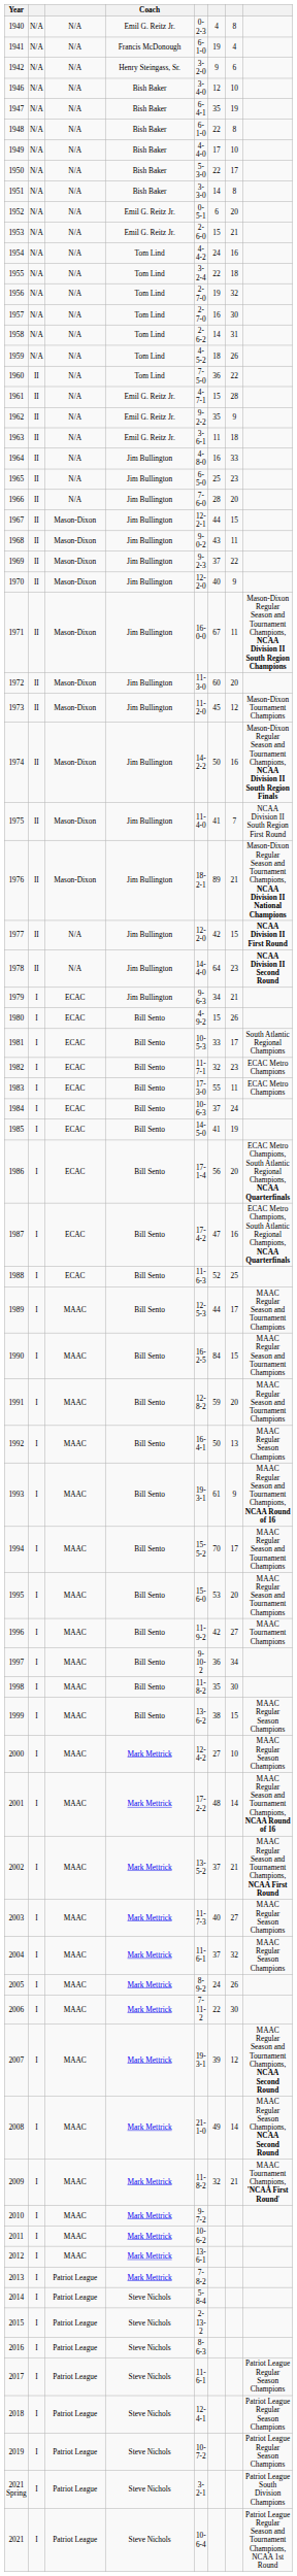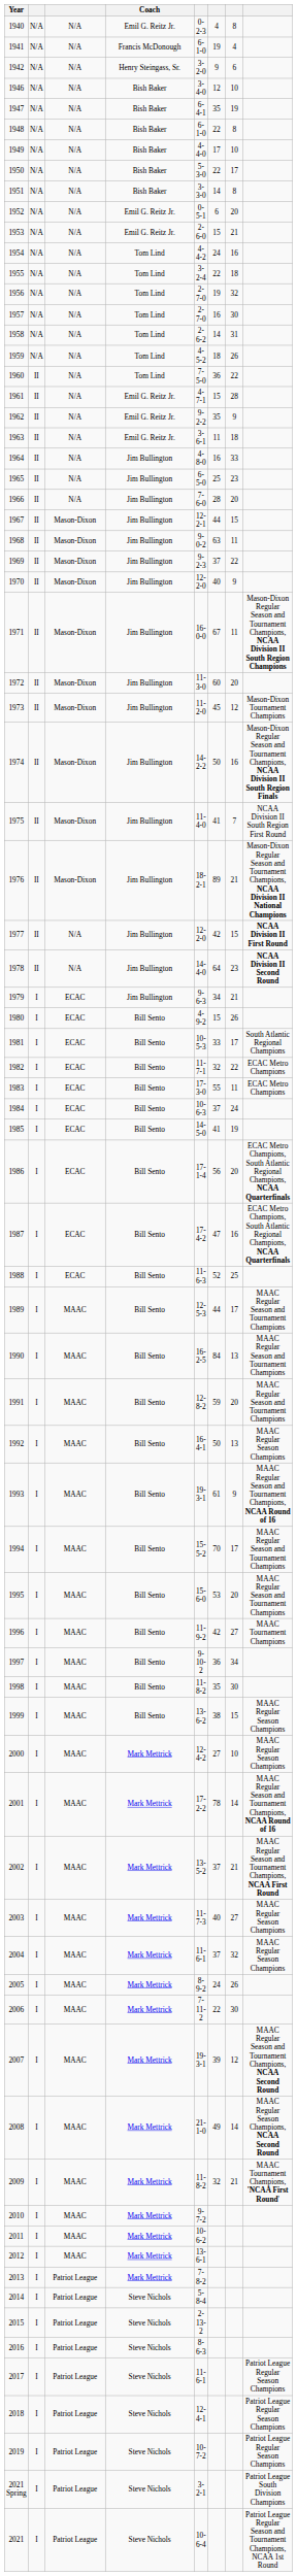 <table class="wikitable" style="text-align:center; font-size:%">
 <tr>
 <th width=px>Year</th>
 <th width=px></th>
 <th width=120px></th>
 <th width=180px>Coach</th>
 <th width=px></th>
 <th width=30px></th>
 <th width=30px></th>
 <th width=px></th>
 </tr>
 <tr>
 <td>1940</td>
 <td>N/A</td>
 <td>N/A</td>
 <td>Emil G. Reitz Jr.</td>
 <td>0-2-3</td>
 <td>4</td>
 <td>8</td>
 <td></td>
 </tr>
 <tr>
 <td>1941</td>
 <td>N/A</td>
 <td>N/A</td>
 <td>Francis McDonough</td>
 <td>6-1-0</td>
 <td>19</td>
 <td>4</td>
 <td></td>
 </tr>
 <tr>
 <td>1942</td>
 <td>N/A</td>
 <td>N/A</td>
 <td>Henry Steingass, Sr.</td>
 <td>3-2-0</td>
 <td>9</td>
 <td>6</td>
 <td></td>
 </tr>
 <tr>
 <td>1946</td>
 <td>N/A</td>
 <td>N/A</td>
 <td>Bish Baker</td>
 <td>3-4-0</td>
 <td>12</td>
 <td>10</td>
 <td></td>
 </tr>
 <tr>
 <td>1947</td>
 <td>N/A</td>
 <td>N/A</td>
 <td>Bish Baker</td>
 <td>6-4-1</td>
 <td>35</td>
 <td>19</td>
 <td></td>
 </tr>
 <tr>
 <td>1948</td>
 <td>N/A</td>
 <td>N/A</td>
 <td>Bish Baker</td>
 <td>6-1-0</td>
 <td>22</td>
 <td>8</td>
 <td></td>
 </tr>
 <tr>
 <td>1949</td>
 <td>N/A</td>
 <td>N/A</td>
 <td>Bish Baker</td>
 <td>4-4-0</td>
 <td>17</td>
 <td>10</td>
 <td></td>
 </tr>
 <tr>
 <td>1950</td>
 <td>N/A</td>
 <td>N/A</td>
 <td>Bish Baker</td>
 <td>5-3-0</td>
 <td>22</td>
 <td>17</td>
 <td></td>
 </tr>
 <tr>
 <td>1951</td>
 <td>N/A</td>
 <td>N/A</td>
 <td>Bish Baker</td>
 <td>3-3-0</td>
 <td>14</td>
 <td>8</td>
 <td></td>
 </tr>
 <tr>
 <td>1952</td>
 <td>N/A</td>
 <td>N/A</td>
 <td>Emil G. Reitz Jr.</td>
 <td>0-5-1</td>
 <td>6</td>
 <td>20</td>
 <td></td>
 </tr>
 <tr>
 <td>1953</td>
 <td>N/A</td>
 <td>N/A</td>
 <td>Emil G. Reitz Jr.</td>
 <td>2-6-0</td>
 <td>15</td>
 <td>21</td>
 <td></td>
 </tr>
 <tr>
 <td>1954</td>
 <td>N/A</td>
 <td>N/A</td>
 <td>Tom Lind</td>
 <td>4-4-2</td>
 <td>24</td>
 <td>16</td>
 <td></td>
 </tr>
 <tr>
 <td>1955</td>
 <td>N/A</td>
 <td>N/A</td>
 <td>Tom Lind</td>
 <td>3-2-4</td>
 <td>22</td>
 <td>18</td>
 <td></td>
 </tr>
 <tr>
 <td>1956</td>
 <td>N/A</td>
 <td>N/A</td>
 <td>Tom Lind</td>
 <td>2-7-0</td>
 <td>19</td>
 <td>32</td>
 <td></td>
 </tr>
 <tr>
 <td>1957</td>
 <td>N/A</td>
 <td>N/A</td>
 <td>Tom Lind</td>
 <td>2-7-0</td>
 <td>16</td>
 <td>30</td>
 <td></td>
 </tr>
 <tr>
 <td>1958</td>
 <td>N/A</td>
 <td>N/A</td>
 <td>Tom Lind</td>
 <td>2-6-2</td>
 <td>14</td>
 <td>31</td>
 <td></td>
 </tr>
 <tr>
 <td>1959</td>
 <td>N/A</td>
 <td>N/A</td>
 <td>Tom Lind</td>
 <td>4-5-2</td>
 <td>18</td>
 <td>26</td>
 <td></td>
 </tr>
 <tr>
 <td>1960</td>
 <td>II</td>
 <td>N/A</td>
 <td>Tom Lind</td>
 <td>7-5-0</td>
 <td>36</td>
 <td>22</td>
 <td></td>
 </tr>
 <tr>
 <td>1961</td>
 <td>II</td>
 <td>N/A</td>
 <td>Emil G. Reitz Jr.</td>
 <td>4-7-1</td>
 <td>15</td>
 <td>28</td>
 <td></td>
 </tr>
 <tr>
 <td>1962</td>
 <td>II</td>
 <td>N/A</td>
 <td>Emil G. Reitz Jr.</td>
 <td>9-2-2</td>
 <td>35</td>
 <td>9</td>
 <td></td>
 </tr>
 <tr>
 <td>1963</td>
 <td>II</td>
 <td>N/A</td>
 <td>Emil G. Reitz Jr.</td>
 <td>3-6-1</td>
 <td>11</td>
 <td>18</td>
 <td></td>
 </tr>
 <tr>
 <td>1964</td>
 <td>II</td>
 <td>N/A</td>
 <td>Jim Bullington</td>
 <td>4-8-0</td>
 <td>16</td>
 <td>33</td>
 <td></td>
 </tr>
 <tr>
 <td>1965</td>
 <td>II</td>
 <td>N/A</td>
 <td>Jim Bullington</td>
 <td>6-5-0</td>
 <td>25</td>
 <td>23</td>
 <td></td>
 </tr>
 <tr>
 <td>1966</td>
 <td>II</td>
 <td>N/A</td>
 <td>Jim Bullington</td>
 <td>7-6-0</td>
 <td>28</td>
 <td>20</td>
 <td></td>
 </tr>
 <tr>
 <td>1967</td>
 <td>II</td>
 <td>Mason-Dixon</td>
 <td>Jim Bullington</td>
 <td>12-2-1</td>
 <td>44</td>
 <td>15</td>
 <td></td>
 </tr>
 <tr>
 <td>1968</td>
 <td>II</td>
 <td>Mason-Dixon</td>
 <td>Jim Bullington</td>
 <td>9-0-2</td>
-<td>43</td>
+<td>63</td>
 <td>11</td>
 <td></td>
 </tr>
 <tr>
 <td>1969</td>
 <td>II</td>
 <td>Mason-Dixon</td>
 <td>Jim Bullington</td>
 <td>9-2-3</td>
 <td>37</td>
 <td>22</td>
 <td></td>
 </tr>
 <tr>
 <td>1970</td>
 <td>II</td>
 <td>Mason-Dixon</td>
 <td>Jim Bullington</td>
 <td>12-2-0</td>
 <td>40</td>
 <td>9</td>
 <td></td>
 </tr>
 <tr>
 <td>1971</td>
 <td>II</td>
 <td>Mason-Dixon</td>
 <td>Jim Bullington</td>
 <td>16-0-0</td>
 <td>67</td>
 <td>11</td>
 <td>Mason-Dixon Regular Season and Tournament Champions, <strong>NCAA Division II South Region Champions</strong></td>
 </tr>
 <tr>
 <td>1972</td>
 <td>II</td>
 <td>Mason-Dixon</td>
 <td>Jim Bullington</td>
 <td>11-3-0</td>
 <td>60</td>
 <td>20</td>
 <td></td>
 </tr>
 <tr>
 <td>1973</td>
 <td>II</td>
 <td>Mason-Dixon</td>
 <td>Jim Bullington</td>
 <td>11-2-0</td>
 <td>45</td>
 <td>12</td>
 <td>Mason-Dixon Tournament Champions</td>
 </tr>
 <tr>
 <td>1974</td>
 <td>II</td>
 <td>Mason-Dixon</td>
 <td>Jim Bullington</td>
 <td>14-2-2</td>
 <td>50</td>
 <td>16</td>
 <td>Mason-Dixon Regular Season and Tournament Champions, <strong>NCAA Division II South Region Finals</strong></td>
 </tr>
 <tr>
 <td>1975</td>
 <td>II</td>
 <td>Mason-Dixon</td>
 <td>Jim Bullington</td>
 <td>11-4-0</td>
 <td>41</td>
 <td>7</td>
 <td>NCAA Division II South Region First Round</td>
 </tr>
 <tr>
 <td>1976</td>
 <td>II</td>
 <td>Mason-Dixon</td>
 <td>Jim Bullington</td>
 <td>18-2-1</td>
 <td>89</td>
 <td>21</td>
 <td>Mason-Dixon Regular Season and Tournament Champions, <strong>NCAA Division II National Champions</strong></td>
 </tr>
 <tr>
 <td>1977</td>
 <td>II</td>
 <td>N/A</td>
 <td>Jim Bullington</td>
 <td>12-2-0</td>
 <td>42</td>
 <td>15</td>
 <td><strong>NCAA Division II First Round</strong></td>
 </tr>
 <tr>
 <td>1978</td>
 <td>II</td>
 <td>N/A</td>
 <td>Jim Bullington</td>
 <td>14-4-0</td>
 <td>64</td>
 <td>23</td>
 <td><strong>NCAA Division II Second Round</strong></td>
 </tr>
 <tr>
 <td>1979</td>
 <td>I</td>
 <td>ECAC</td>
 <td>Jim Bullington</td>
 <td>9-6-3</td>
 <td>34</td>
 <td>21</td>
 <td></td>
 </tr>
 <tr>
 <td>1980</td>
 <td>I</td>
 <td>ECAC</td>
 <td>Bill Sento</td>
 <td>4-9-2</td>
 <td>15</td>
 <td>26</td>
 <td></td>
 </tr>
 <tr>
 <td>1981</td>
 <td>I</td>
 <td>ECAC</td>
 <td>Bill Sento</td>
 <td>10-5-3</td>
 <td>33</td>
 <td>17</td>
 <td>South Atlantic Regional Champions</td>
 </tr>
 <tr>
 <td>1982</td>
 <td>I</td>
 <td>ECAC</td>
 <td>Bill Sento</td>
 <td>11-7-1</td>
 <td>32</td>
-<td>23</td>
+<td>22</td>
 <td>ECAC Metro Champions</td>
 </tr>
 <tr>
 <td>1983</td>
 <td>I</td>
 <td>ECAC</td>
 <td>Bill Sento</td>
 <td>17-3-0</td>
 <td>55</td>
 <td>11</td>
 <td>ECAC Metro Champions</td>
 </tr>
 <tr>
 <td>1984</td>
 <td>I</td>
 <td>ECAC</td>
 <td>Bill Sento</td>
 <td>10-6-3</td>
 <td>37</td>
 <td>24</td>
 <td></td>
 </tr>
 <tr>
 <td>1985</td>
 <td>I</td>
 <td>ECAC</td>
 <td>Bill Sento</td>
 <td>14-5-0</td>
 <td>41</td>
 <td>19</td>
 <td></td>
 </tr>
 <tr>
 <td>1986</td>
 <td>I</td>
 <td>ECAC</td>
 <td>Bill Sento</td>
 <td>17-1-4</td>
 <td>56</td>
 <td>20</td>
 <td>ECAC Metro Champions, South Atlantic Regional Champions, <strong>NCAA Quarterfinals</strong></td>
 </tr>
 <tr>
 <td>1987</td>
 <td>I</td>
 <td>ECAC</td>
 <td>Bill Sento</td>
 <td>17-4-2</td>
 <td>47</td>
 <td>16</td>
 <td>ECAC Metro Champions, South Atlantic Regional Champions, <strong>NCAA Quarterfinals</strong></td>
 </tr>
 <tr>
 <td>1988</td>
 <td>I</td>
 <td>ECAC</td>
 <td>Bill Sento</td>
 <td>11-6-3</td>
 <td>52</td>
 <td>25</td>
 <td></td>
 </tr>
 <tr>
 <td>1989</td>
 <td>I</td>
 <td>MAAC</td>
 <td>Bill Sento</td>
 <td>12-5-3</td>
 <td>44</td>
 <td>17</td>
 <td>MAAC Regular Season and Tournament Champions</td>
 </tr>
 <tr>
 <td>1990</td>
 <td>I</td>
 <td>MAAC</td>
 <td>Bill Sento</td>
 <td>16-2-5</td>
 <td>84</td>
-<td>15</td>
+<td>13</td>
 <td>MAAC Regular Season and Tournament Champions</td>
 </tr>
 <tr>
 <td>1991</td>
 <td>I</td>
 <td>MAAC</td>
 <td>Bill Sento</td>
 <td>12-8-2</td>
 <td>59</td>
 <td>20</td>
 <td>MAAC Regular Season and Tournament Champions</td>
 </tr>
 <tr>
 <td>1992</td>
 <td>I</td>
 <td>MAAC</td>
 <td>Bill Sento</td>
 <td>16-4-1</td>
 <td>50</td>
 <td>13</td>
 <td>MAAC Regular Season Champions</td>
 </tr>
 <tr>
 <td>1993</td>
 <td>I</td>
 <td>MAAC</td>
 <td>Bill Sento</td>
 <td>19-3-1</td>
 <td>61</td>
 <td>9</td>
 <td>MAAC Regular Season and Tournament Champions, <strong>NCAA Round of 16</strong></td>
 </tr>
 <tr>
 <td>1994</td>
 <td>I</td>
 <td>MAAC</td>
 <td>Bill Sento</td>
 <td>15-5-2</td>
 <td>70</td>
 <td>17</td>
 <td>MAAC Regular Season and Tournament Champions</td>
 </tr>
 <tr>
 <td>1995</td>
 <td>I</td>
 <td>MAAC</td>
 <td>Bill Sento</td>
 <td>15-6-0</td>
 <td>53</td>
 <td>20</td>
 <td>MAAC Regular Season and Tournament Champions</td>
 </tr>
 <tr>
 <td>1996</td>
 <td>I</td>
 <td>MAAC</td>
 <td>Bill Sento</td>
 <td>11-9-2</td>
 <td>42</td>
 <td>27</td>
 <td>MAAC Tournament Champions</td>
 </tr>
 <tr>
 <td>1997</td>
 <td>I</td>
 <td>MAAC</td>
 <td>Bill Sento</td>
 <td>9-10-2</td>
 <td>36</td>
 <td>34</td>
 <td></td>
 </tr>
 <tr>
 <td>1998</td>
 <td>I</td>
 <td>MAAC</td>
 <td>Bill Sento</td>
 <td>11-8-2</td>
 <td>35</td>
 <td>30</td>
 <td></td>
 </tr>
 <tr>
 <td>1999</td>
 <td>I</td>
 <td>MAAC</td>
 <td>Bill Sento</td>
 <td>13-6-2</td>
 <td>38</td>
 <td>15</td>
 <td>MAAC Regular Season Champions</td>
 </tr>
 <tr>
 <td>2000</td>
 <td>I</td>
 <td>MAAC</td>
 <td><a href='#'>Mark Mettrick</a></td>
 <td>12-4-2</td>
 <td>27</td>
 <td>10</td>
 <td>MAAC Regular Season Champions</td>
 </tr>
 <tr>
 <td>2001</td>
 <td>I</td>
 <td>MAAC</td>
 <td><a href='#'>Mark Mettrick</a></td>
 <td>17-2-2</td>
-<td>48</td>
+<td>78</td>
 <td>14</td>
 <td>MAAC Regular Season and Tournament Champions, <strong>NCAA Round of 16</strong></td>
 </tr>
 <tr>
 <td>2002</td>
 <td>I</td>
 <td>MAAC</td>
 <td><a href='#'>Mark Mettrick</a></td>
 <td>13-5-2</td>
 <td>37</td>
 <td>21</td>
 <td>MAAC Regular Season and Tournament Champions, <strong>NCAA First Round</strong></td>
 </tr>
 <tr>
 <td>2003</td>
 <td>I</td>
 <td>MAAC</td>
 <td><a href='#'>Mark Mettrick</a></td>
 <td>11-7-3</td>
 <td>40</td>
 <td>27</td>
 <td>MAAC Regular Season Champions</td>
 </tr>
 <tr>
 <td>2004</td>
 <td>I</td>
 <td>MAAC</td>
 <td><a href='#'>Mark Mettrick</a></td>
 <td>11-6-1</td>
 <td>37</td>
 <td>32</td>
 <td>MAAC Regular Season Champions</td>
 </tr>
 <tr>
 <td>2005</td>
 <td>I</td>
 <td>MAAC</td>
 <td><a href='#'>Mark Mettrick</a></td>
 <td>8-9-2</td>
 <td>24</td>
 <td>26</td>
 <td></td>
 </tr>
 <tr>
 <td>2006</td>
 <td>I</td>
 <td>MAAC</td>
 <td><a href='#'>Mark Mettrick</a></td>
 <td>7-11-2</td>
 <td>22</td>
 <td>30</td>
 <td></td>
 </tr>
 <tr>
 <td>2007</td>
 <td>I</td>
 <td>MAAC</td>
 <td><a href='#'>Mark Mettrick</a></td>
 <td>19-3-1</td>
 <td>39</td>
 <td>12</td>
 <td>MAAC Regular Season and Tournament Champions, <strong>NCAA Second Round</strong></td>
 </tr>
 <tr>
 <td>2008</td>
 <td>I</td>
 <td>MAAC</td>
 <td><a href='#'>Mark Mettrick</a></td>
 <td>21-1-0</td>
 <td>49</td>
 <td>14</td>
 <td>MAAC Regular Season Champions, <strong>NCAA Second Round</strong></td>
 </tr>
 <tr>
 <td>2009</td>
 <td>I</td>
 <td>MAAC</td>
 <td><a href='#'>Mark Mettrick</a></td>
 <td>11-8-2</td>
 <td>32</td>
 <td>21</td>
 <td>MAAC Tournament Champions, <strong>'NCAA First Round</strong>'</td>
 </tr>
 <tr>
 <td>2010</td>
 <td>I</td>
 <td>MAAC</td>
 <td><a href='#'>Mark Mettrick</a></td>
 <td>9-7-2</td>
 <td></td>
 <td></td>
 <td></td>
 </tr>
 <tr>
 <td>2011</td>
 <td>I</td>
 <td>MAAC</td>
 <td><a href='#'>Mark Mettrick</a></td>
 <td>10-6-2</td>
 <td></td>
 <td></td>
 <td></td>
 </tr>
 <tr>
 <td>2012</td>
 <td>I</td>
 <td>MAAC</td>
 <td><a href='#'>Mark Mettrick</a></td>
 <td>13-6-1</td>
 <td></td>
 <td></td>
 <td></td>
 </tr>
 <tr>
 <td>2013</td>
 <td>I</td>
 <td>Patriot League</td>
 <td><a href='#'>Mark Mettrick</a></td>
 <td>7-8-2</td>
 <td></td>
 <td></td>
 <td></td>
 </tr>
 <tr>
 <td>2014</td>
 <td>I</td>
 <td>Patriot League</td>
 <td>Steve Nichols</td>
 <td>5-8-4</td>
 <td></td>
 <td></td>
 <td></td>
 </tr>
 <tr>
 <td>2015</td>
 <td>I</td>
 <td>Patriot League</td>
 <td>Steve Nichols</td>
 <td>2-13-2</td>
 <td></td>
 <td></td>
 <td></td>
 </tr>
 <tr>
 <td>2016</td>
 <td>I</td>
 <td>Patriot League</td>
 <td>Steve Nichols</td>
 <td>8-6-3</td>
 <td></td>
 <td></td>
 <td></td>
 </tr>
 <tr>
 <td>2017</td>
 <td>I</td>
 <td>Patriot League</td>
 <td>Steve Nichols</td>
 <td>11-6-1</td>
 <td></td>
 <td></td>
 <td>Patriot League Regular Season Champions</td>
 </tr>
 <tr>
 <td>2018</td>
 <td>I</td>
 <td>Patriot League</td>
 <td>Steve Nichols</td>
 <td>12-4-1</td>
 <td></td>
 <td></td>
 <td>Patriot League Regular Season Champions</td>
 </tr>
 <tr>
 <td>2019</td>
 <td>I</td>
 <td>Patriot League</td>
 <td>Steve Nichols</td>
 <td>10-7-2</td>
 <td></td>
 <td></td>
 <td>Patriot League Regular Season Champions</td>
 </tr>
 <tr>
 <td>2021 Spring</td>
 <td>I</td>
 <td>Patriot League</td>
 <td>Steve Nichols</td>
 <td>3-2-1</td>
 <td></td>
 <td></td>
 <td>Patriot League South Division Champions</td>
 </tr>
 <tr>
 <td>2021</td>
 <td>I</td>
 <td>Patriot League</td>
 <td>Steve Nichols</td>
 <td>10-6-4</td>
 <td></td>
 <td></td>
 <td>Patriot League Regular Season and Tournament Champions, NCAA 1st Round</td>
 </tr>
 </table>
